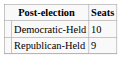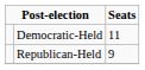 <table class= "wikitable">
 <tr>
 <td colspan= "2" rowspan= "1" align= "center" valign= "top"><strong>Post-election</strong></td>
 <td valign= "top"><strong>Seats</strong><br></td>
 </tr>
 <tr>
 <td style="background-color:"> </td>
 <td>Democratic-Held</td>
-<td>10</td>
+<td>11</td>
 </tr>
 <tr>
 <td style="background-color:"> </td>
 <td>Republican-Held</td>
 <td>9</td>
 </tr>
 <tr>
 </tr>
 </table>
